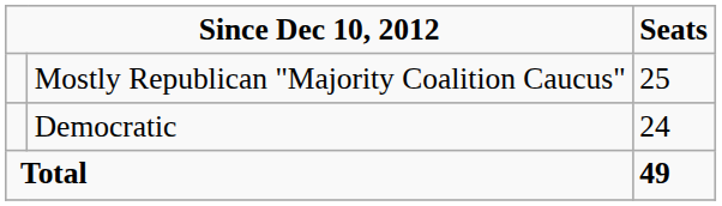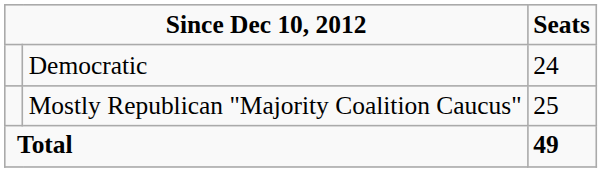 <table class="wikitable">
 <tr>
 <td colspan="2"  style="text-align:center; vertical-align:top;"><strong>Since Dec 10, 2012</strong></td>
 <td style="vertical-align:top;"><strong>Seats</strong><br></td>
 </tr>
 <tr>
 <td style="background-color:"> </td>
-<td>Mostly Republican "Majority Coalition Caucus"</td>
-<td>25</td>
+<td>Democratic</td>
+<td>24</td>
 </tr>
 <tr>
 <td style="background-color:"> </td>
-<td>Democratic</td>
-<td>24</td>
+<td>Mostly Republican "Majority Coalition Caucus"</td>
+<td>25</td>
 </tr>
 <tr>
 <td colspan="2"> <strong>Total</strong><br></td>
 <td><strong>49</strong></td>
 </tr>
 </table>
